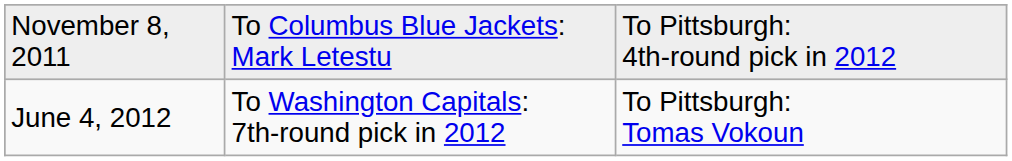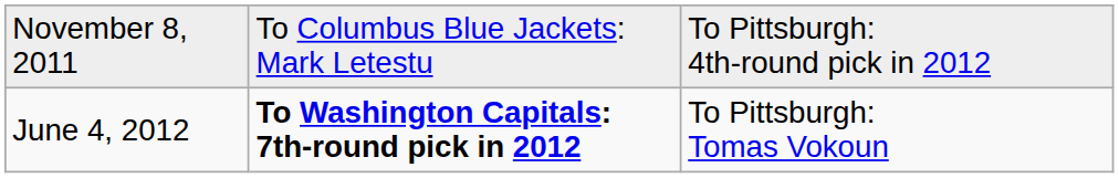 <table class="wikitable" style="border:1px solid #999999; width:580px;">
 <tr bgcolor="eeeeee">
 <td style="width:22%;">November 8, 2011</td>
 <td style="width:39%;" valign="top">To <a href='#'>Columbus Blue Jackets</a>:<br><a href='#'>Mark Letestu</a></td>
 <td style="width:39%;" valign="top">To Pittsburgh:<br>4th-round pick in <a href='#'>2012</a></td>
 </tr>
 <tr>
 <td style="width:22%;">June 4, 2012</td>
-<td style="width:39%;" valign="top">To <a href='#'>Washington Capitals</a>:<br>7th-round pick in <a href='#'>2012</a></td>
+<td style="width:39%;" valign="top"><strong>To <a href='#'>Washington Capitals</a>:<br>7th-round pick in <a href='#'>2012</a></strong></td>
 <td style="width:39%;" valign="top">To Pittsburgh:<br><a href='#'>Tomas Vokoun</a></td>
 </tr>
 </table>
